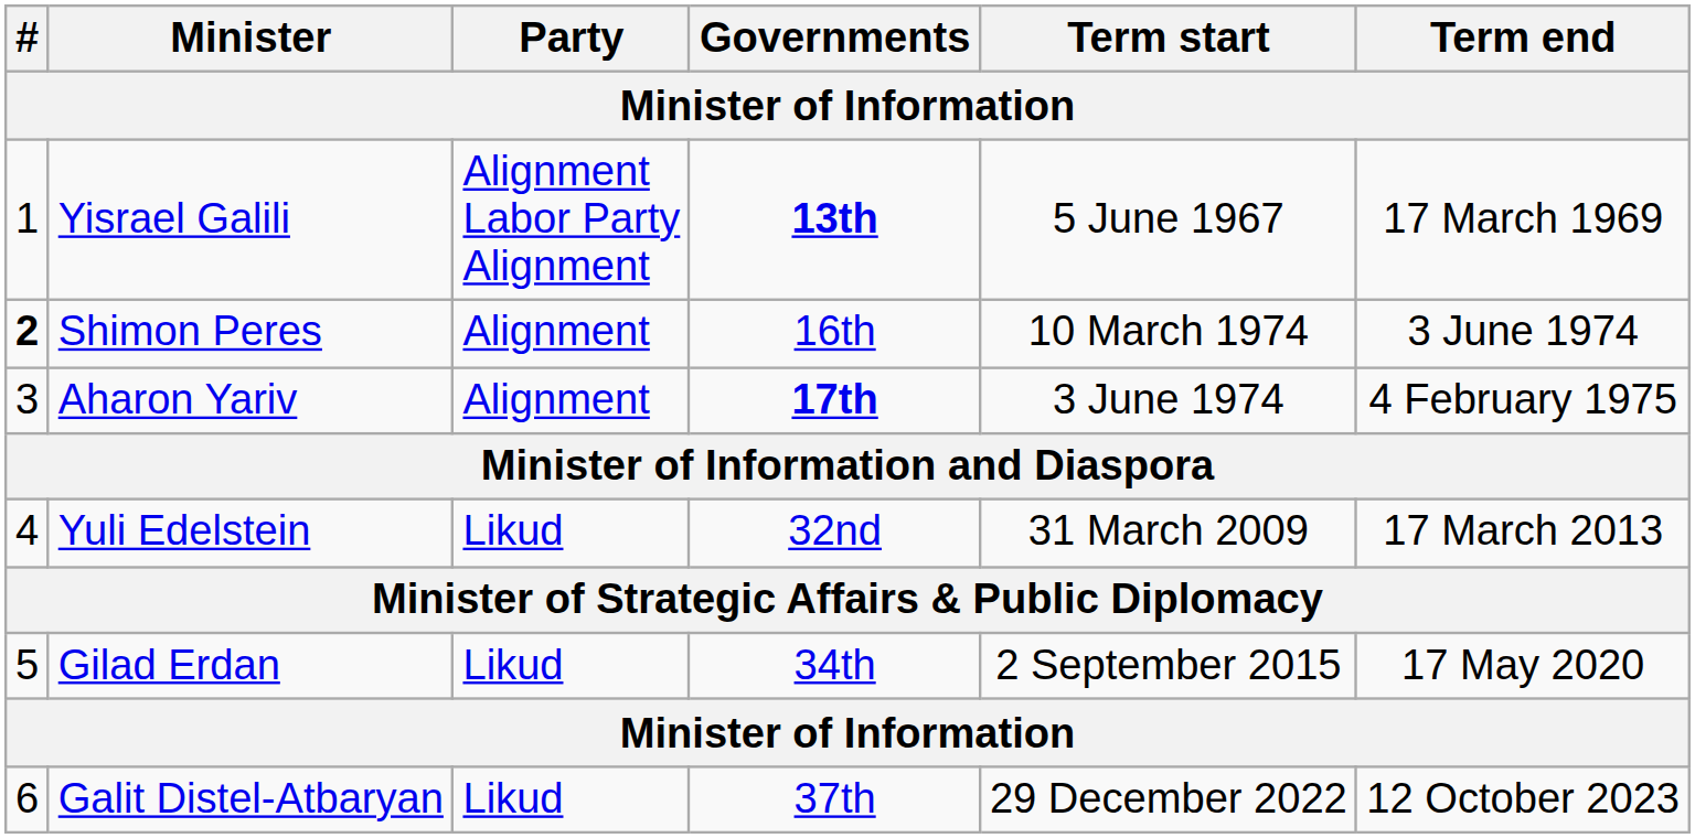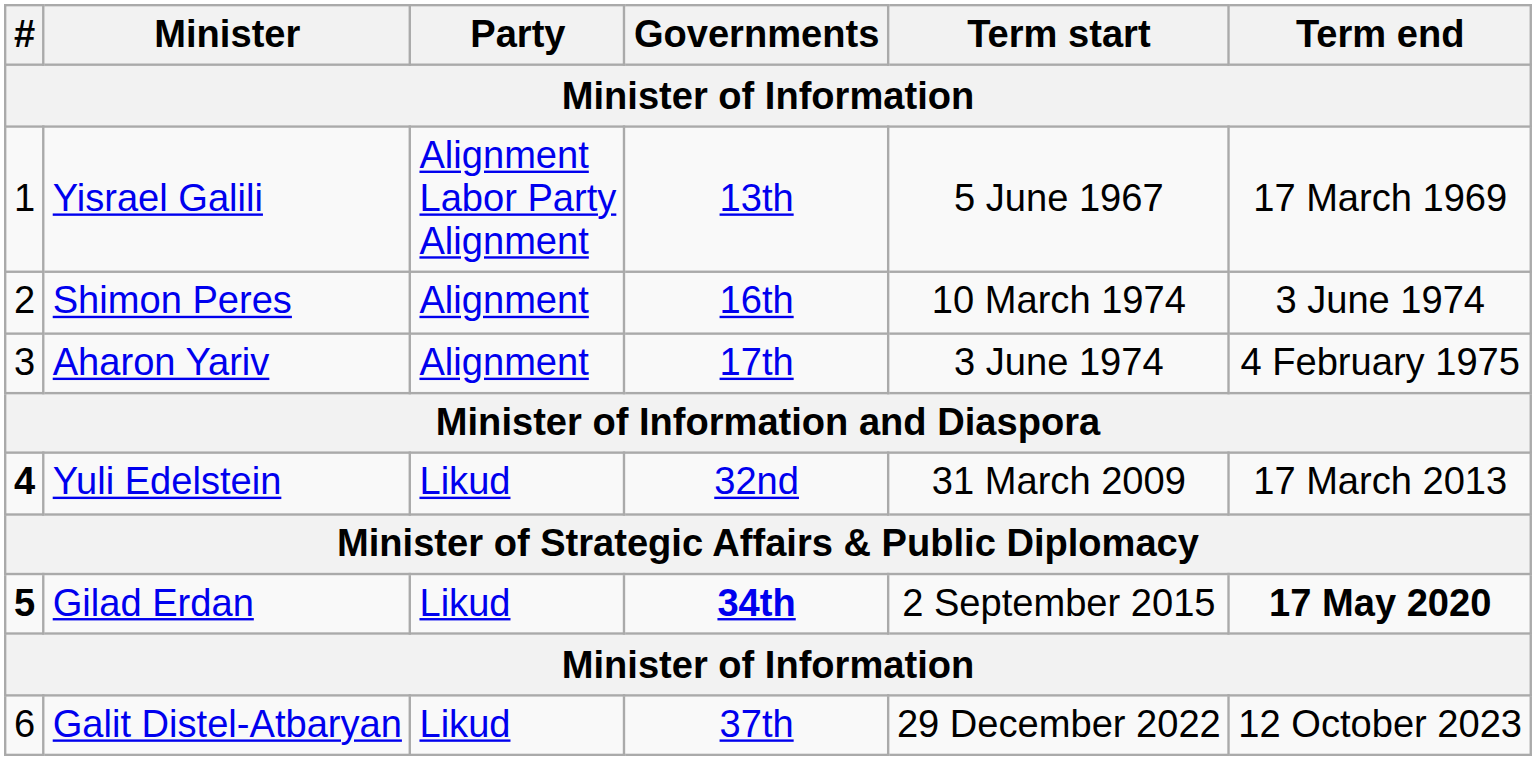 <table class=wikitable style=text-align:center>
 <tr>
 <th>#</th>
 <th>Minister</th>
 <th>Party</th>
 <th>Governments</th>
 <th>Term start</th>
 <th>Term end</th>
 </tr>
 <tr>
 <th colspan="6">Minister of Information</th>
 </tr>
 <tr>
 <td>1</td>
 <td align=left><a href='#'>Yisrael Galili</a></td>
 <td align=left><a href='#'>Alignment</a><br><a href='#'>Labor Party</a><br><a href='#'>Alignment</a></td>
-<td><strong><a href='#'>13th</a></strong></td>
+<td><a href='#'>13th</a></td>
 <td>5 June 1967</td>
 <td>17 March 1969</td>
 </tr>
 <tr>
-<td><strong>2</strong></td>
+<td>2</td>
 <td align=left><a href='#'>Shimon Peres</a></td>
 <td align=left><a href='#'>Alignment</a></td>
 <td><a href='#'>16th</a></td>
 <td>10 March 1974</td>
 <td>3 June 1974</td>
 </tr>
 <tr>
 <td>3</td>
 <td align=left><a href='#'>Aharon Yariv</a></td>
 <td align=left><a href='#'>Alignment</a></td>
-<td><strong><a href='#'>17th</a></strong></td>
+<td><a href='#'>17th</a></td>
 <td>3 June 1974</td>
 <td>4 February 1975</td>
 </tr>
 <tr>
 <th colspan="6">Minister of Information and Diaspora</th>
 </tr>
 <tr>
-<td>4</td>
+<td><strong>4</strong></td>
 <td align=left><a href='#'>Yuli Edelstein</a></td>
 <td align=left><a href='#'>Likud</a></td>
 <td><a href='#'>32nd</a></td>
 <td>31 March 2009</td>
 <td>17 March 2013</td>
 </tr>
 <tr>
 <th colspan="6">Minister of Strategic Affairs & Public Diplomacy</th>
 </tr>
 <tr>
-<td>5</td>
+<td><strong>5</strong></td>
 <td align=left><a href='#'>Gilad Erdan</a></td>
 <td align=left><a href='#'>Likud</a></td>
-<td><a href='#'>34th</a></td>
+<td><strong><a href='#'>34th</a></strong></td>
 <td>2 September 2015</td>
-<td>17 May 2020</td>
+<td><strong>17 May 2020</strong></td>
 </tr>
 <tr>
 <th colspan="6">Minister of Information</th>
 </tr>
 <tr>
 <td>6</td>
 <td align=left><a href='#'>Galit Distel-Atbaryan</a></td>
 <td align=left><a href='#'>Likud</a></td>
 <td><a href='#'>37th</a></td>
 <td>29 December 2022</td>
 <td>12 October 2023</td>
 </tr>
 </table>
